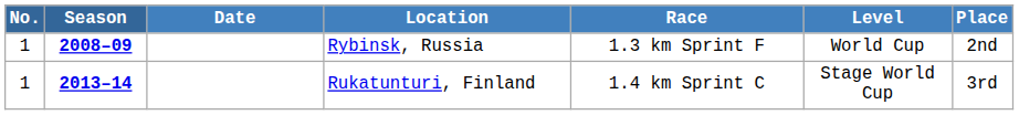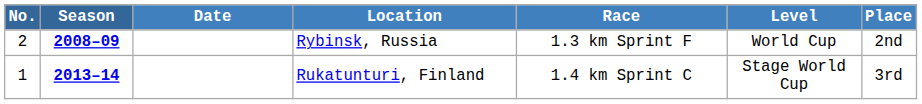 <table class="wikitable sortable" style="font-size:95%; text-align:center; border:grey solid 1px; border-collapse:collapse; background:#ffffff;">
 <tr style="background:#efefef;">
 <th style="background-color:#369; color:white;">No.</th>
 <th style="background-color:#369; color:white;">Season</th>
 <th style="background-color:#4180be; color:white; width:120px;">Date</th>
 <th style="background-color:#4180be; color:white; width:170px;">Location</th>
 <th style="background-color:#4180be; color:white; width:160px;">Race</th>
 <th style="background-color:#4180be; color:white; width:100px;">Level</th>
 <th style="background-color:#4180be; color:white;">Place</th>
 </tr>
 <tr>
-<td align=center>1</td>
+<td align=center>2</td>
 <td rowspan=1 align=center><strong> <a href='#'>2008–09</a> </strong></td>
 <td align=right></td>
 <td align=left> <a href='#'>Rybinsk</a>, Russia</td>
 <td>1.3 km Sprint F</td>
 <td>World Cup</td>
 <td>2nd</td>
 </tr>
 <tr>
 <td align=center>1</td>
 <td rowspan=1 align=center><strong> <a href='#'>2013–14</a> </strong></td>
 <td align=right></td>
 <td align=left> <a href='#'>Rukatunturi</a>, Finland</td>
 <td>1.4 km Sprint C</td>
 <td>Stage World Cup</td>
 <td>3rd</td>
 </tr>
 </table>
